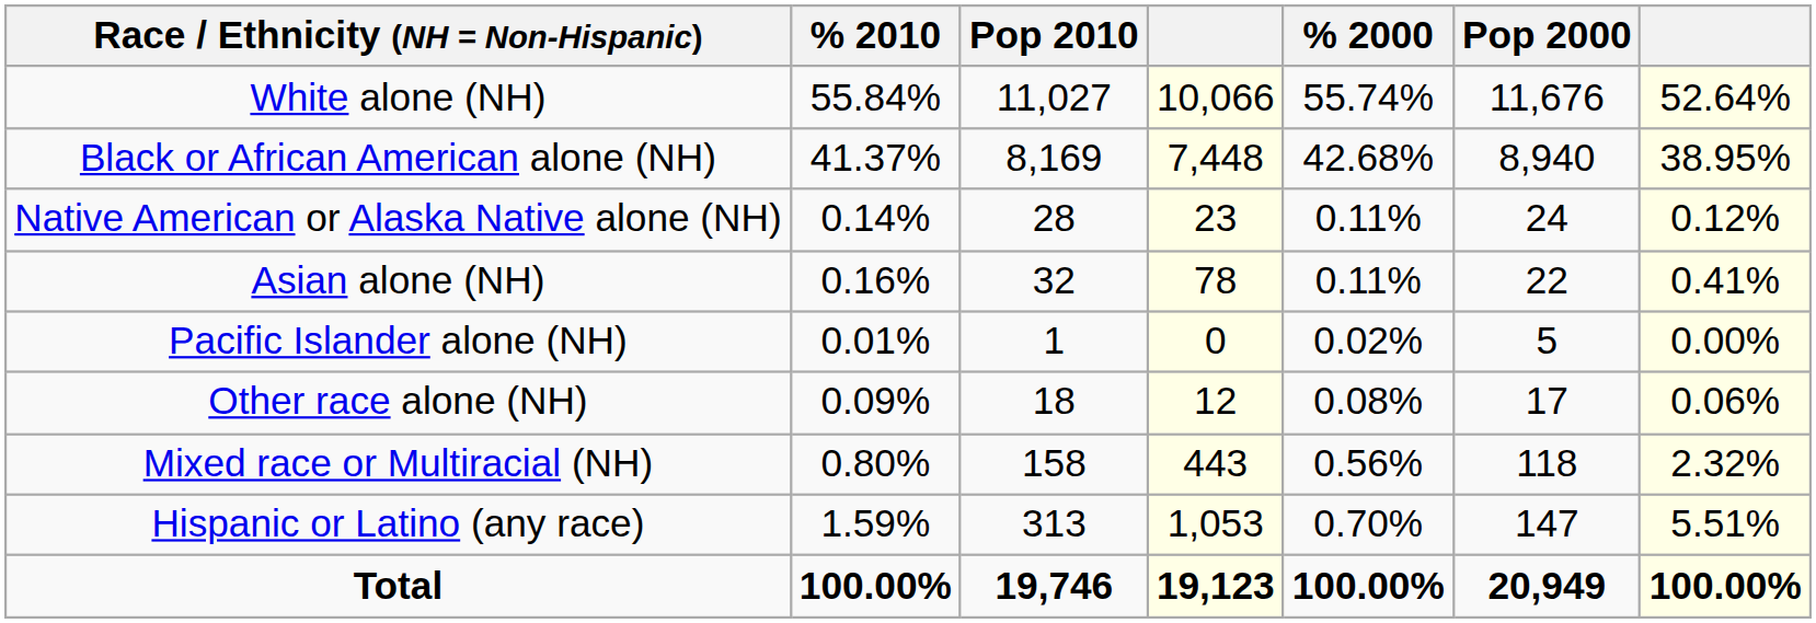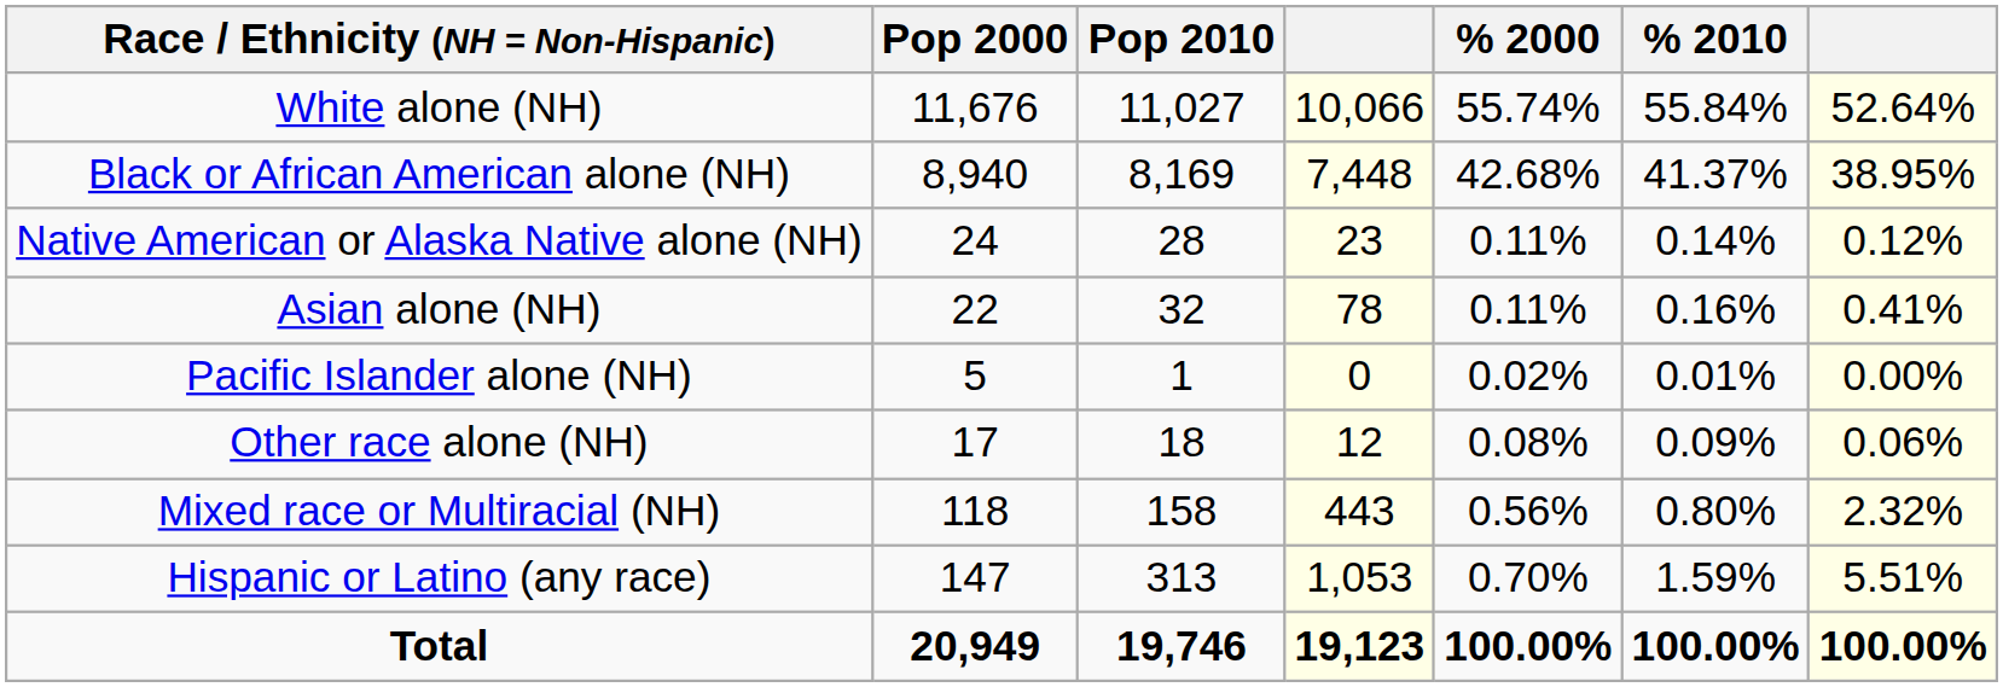 <table class="wikitable" style="text-align:center;">
 <tr>
 <th>Race / Ethnicity <small>(<em>NH = Non-Hispanic</em>)</small></th>
-<th>% 2010</th>
+<th>Pop 2000</th>
 <th>Pop 2010</th>
 <th></th>
 <th>% 2000</th>
-<th>Pop 2000</th>
+<th>% 2010</th>
 <th></th>
 </tr>
 <tr>
 <td><a href='#'>White</a> alone (NH)</td>
-<td>55.84%</td>
+<td>11,676</td>
 <td>11,027</td>
 <td style='background: #ffffe6;'>10,066</td>
 <td>55.74%</td>
-<td>11,676</td>
+<td>55.84%</td>
 <td style='background: #ffffe6;'>52.64%</td>
 </tr>
 <tr>
 <td><a href='#'>Black or African American</a> alone (NH)</td>
-<td>41.37%</td>
+<td>8,940</td>
 <td>8,169</td>
 <td style='background: #ffffe6;'>7,448</td>
 <td>42.68%</td>
-<td>8,940</td>
+<td>41.37%</td>
 <td style='background: #ffffe6;'>38.95%</td>
 </tr>
 <tr>
 <td><a href='#'>Native American</a> or <a href='#'>Alaska Native</a> alone (NH)</td>
-<td>0.14%</td>
+<td>24</td>
 <td>28</td>
 <td style='background: #ffffe6;'>23</td>
 <td>0.11%</td>
-<td>24</td>
+<td>0.14%</td>
 <td style='background: #ffffe6;'>0.12%</td>
 </tr>
 <tr>
 <td><a href='#'>Asian</a> alone (NH)</td>
-<td>0.16%</td>
+<td>22</td>
 <td>32</td>
 <td style='background: #ffffe6;'>78</td>
 <td>0.11%</td>
-<td>22</td>
+<td>0.16%</td>
 <td style='background: #ffffe6;'>0.41%</td>
 </tr>
 <tr>
 <td><a href='#'>Pacific Islander</a> alone (NH)</td>
-<td>0.01%</td>
+<td>5</td>
 <td>1</td>
 <td style='background: #ffffe6;'>0</td>
 <td>0.02%</td>
-<td>5</td>
+<td>0.01%</td>
 <td style='background: #ffffe6;'>0.00%</td>
 </tr>
 <tr>
 <td><a href='#'>Other race</a> alone (NH)</td>
-<td>0.09%</td>
+<td>17</td>
 <td>18</td>
 <td style='background: #ffffe6;'>12</td>
 <td>0.08%</td>
-<td>17</td>
+<td>0.09%</td>
 <td style='background: #ffffe6;'>0.06%</td>
 </tr>
 <tr>
 <td><a href='#'>Mixed race or Multiracial</a> (NH)</td>
-<td>0.80%</td>
+<td>118</td>
 <td>158</td>
 <td style='background: #ffffe6;'>443</td>
 <td>0.56%</td>
-<td>118</td>
+<td>0.80%</td>
 <td style='background: #ffffe6;'>2.32%</td>
 </tr>
 <tr>
 <td><a href='#'>Hispanic or Latino</a> (any race)</td>
-<td>1.59%</td>
+<td>147</td>
 <td>313</td>
 <td style='background: #ffffe6;'>1,053</td>
 <td>0.70%</td>
-<td>147</td>
+<td>1.59%</td>
 <td style='background: #ffffe6;'>5.51%</td>
 </tr>
 <tr>
 <td><strong>Total</strong></td>
-<td><strong>100.00%</strong></td>
+<td><strong>20,949</strong></td>
 <td><strong>19,746</strong></td>
 <td style='background: #ffffe6;'><strong>19,123</strong></td>
 <td><strong>100.00%</strong></td>
-<td><strong>20,949</strong></td>
+<td><strong>100.00%</strong></td>
 <td style='background: #ffffe6;'><strong>100.00%</strong></td>
 </tr>
 </table>
